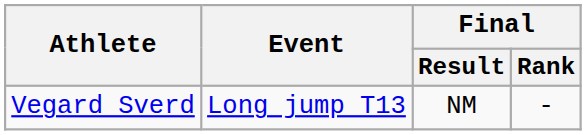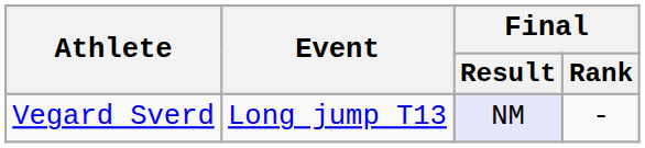 <table class="wikitable" style="font-size:90%">
 <tr>
 <th rowspan="2">Athlete</th>
 <th rowspan="2">Event</th>
 <th colspan="2">Final</th>
 </tr>
 <tr style="font-size:95%">
 <th>Result</th>
 <th>Rank</th>
 </tr>
 <tr align=center>
 <td align=left><a href='#'>Vegard Sverd</a></td>
 <td align=left><a href='#'>Long jump T13</a></td>
-<td>NM</td>
+<td style="background: lavender;">NM</td>
 <td>-</td>
 </tr>
 </table>
